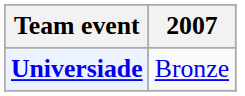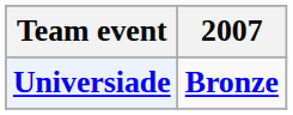 <table class="wikitable" style="font-size: 90%; text-align:center">
 <tr>
 <th>Team event</th>
 <th>2007</th>
 </tr>
 <tr>
 <td bgcolor="#ECF2FF"; align="left"><strong><a href='#'>Universiade</a></strong></td>
-<td> <a href='#'>Bronze</a></td>
+<td><strong> <a href='#'>Bronze</a></strong></td>
 </tr>
 </table>
